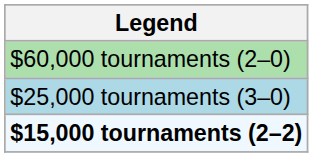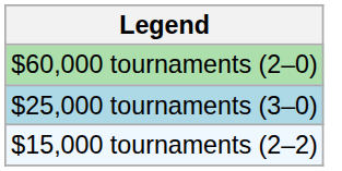 <table class=wikitable style="font-size:85%">
 <tr>
 <th>Legend</th>
 </tr>
 <tr style="background:#addfad;">
 <td>$60,000 tournaments (2–0)</td>
 </tr>
 <tr style="background:lightblue;">
 <td>$25,000 tournaments (3–0)</td>
 </tr>
 <tr style="background:#f0f8ff;">
-<td><strong>$15,000 tournaments (2–2)</strong></td>
+<td>$15,000 tournaments (2–2)</td>
 </tr>
 </table>
